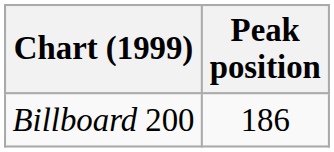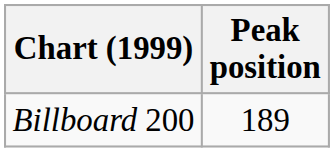 <table class="wikitable">
 <tr>
 <th scope="col">Chart (1999)</th>
 <th>Peak<br>position</th>
 </tr>
 <tr>
 <td><em>Billboard</em> 200</td>
-<td style="text-align:center;">186</td>
+<td style="text-align:center;">189</td>
 </tr>
 </table>
